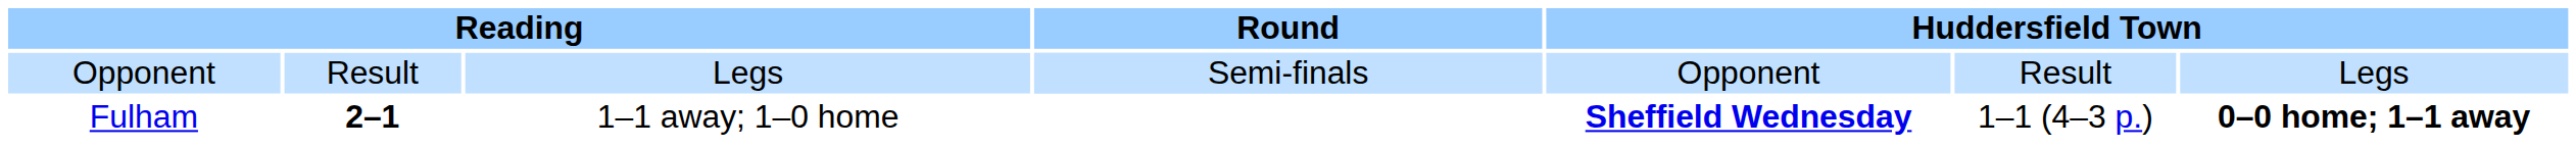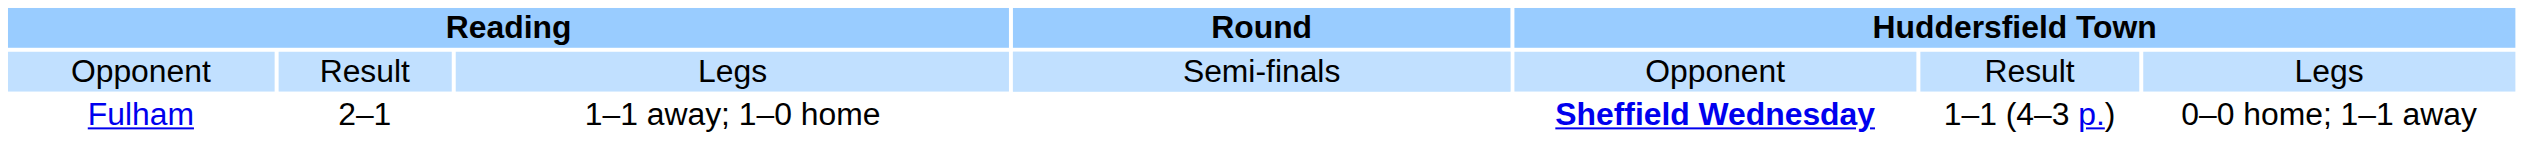 <table width="100%" bgcolor=white>
 <tr valign=top bgcolor=#99ccff>
 <th colspan=3 style="width:40%"><strong>Reading</strong></th>
 <th width=20%><strong>Round</strong></th>
 <th colspan=3 style="width:40%"><strong>Huddersfield Town</strong></th>
 </tr>
 <tr valign=top align="center" bgcolor=#c1e0ff>
 <td>Opponent</td>
 <td>Result</td>
 <td>Legs</td>
 <td bgcolor=#c1e0ff>Semi-finals</td>
 <td>Opponent</td>
 <td>Result</td>
 <td>Legs</td>
 </tr>
 <tr align="center">
 <td><a href='#'>Fulham</a></td>
-<td><strong>2–1</strong></td>
+<td>2–1</td>
 <td>1–1 away; 1–0 home</td>
 <td></td>
 <td><strong><a href='#'>Sheffield Wednesday</a></strong></td>
 <td>1–1 (4–3 <a href='#'>p.</a>)</td>
-<td><strong>0–0 home; 1–1  away</strong></td>
+<td>0–0 home; 1–1  away</td>
 </tr>
 </table>
